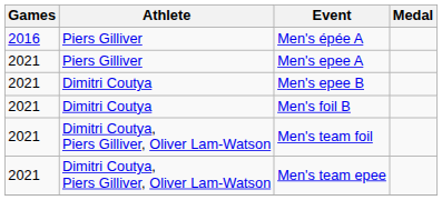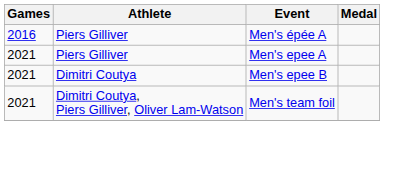 <table class="wikitable collapsible">
 <tr>
 <th>Games</th>
 <th>Athlete</th>
 <th>Event</th>
 <th>Medal</th>
 </tr>
 <tr>
 <td><a href='#'>2016</a></td>
 <td><a href='#'>Piers Gilliver</a></td>
 <td><a href='#'>Men's épée A</a></td>
 <td></td>
 </tr>
 <tr>
 <td>2021</td>
 <td><a href='#'>Piers Gilliver</a></td>
 <td><a href='#'>Men's epee A</a></td>
 <td></td>
 </tr>
 <tr>
 <td>2021</td>
 <td><a href='#'>Dimitri Coutya</a></td>
 <td><a href='#'>Men's epee B</a></td>
 <td></td>
 </tr>
 <tr>
 <td>2021</td>
-<td><a href='#'>Dimitri Coutya</a></td>
-<td><a href='#'>Men's foil B</a></td>
-<td></td>
-</tr>
-<tr>
-<td>2021</td>
 <td><a href='#'>Dimitri Coutya</a>,<br><a href='#'>Piers Gilliver</a>,  <a href='#'>Oliver Lam-Watson</a></td>
 <td><a href='#'>Men's team foil</a></td>
 <td></td>
 </tr>
 <tr>
-<td>2021</td>
-<td><a href='#'>Dimitri Coutya</a>,<br><a href='#'>Piers Gilliver</a>,  <a href='#'>Oliver Lam-Watson</a></td>
-<td><a href='#'>Men's team epee</a></td>
-<td></td>
-</tr>
-<tr>
 </tr>
 </table>
